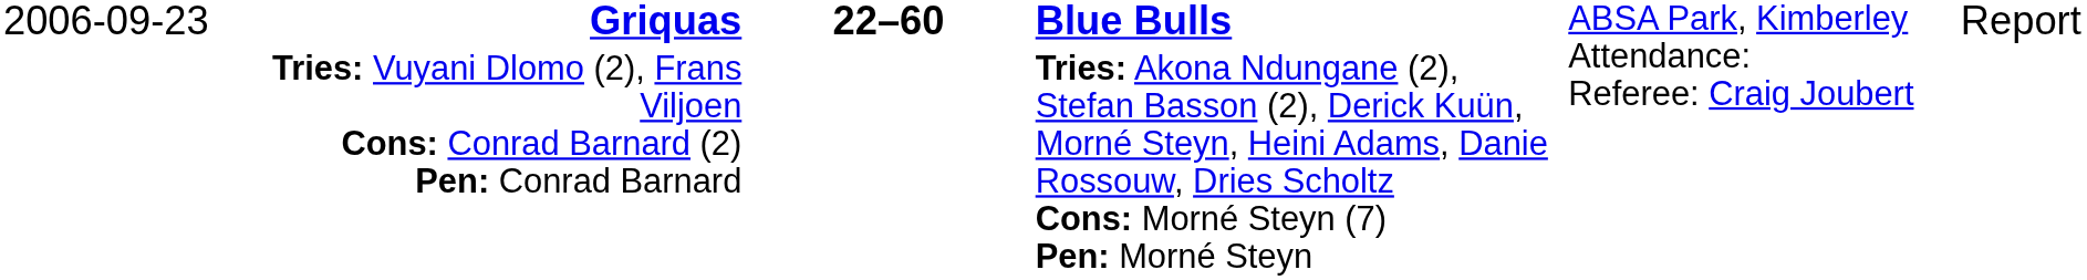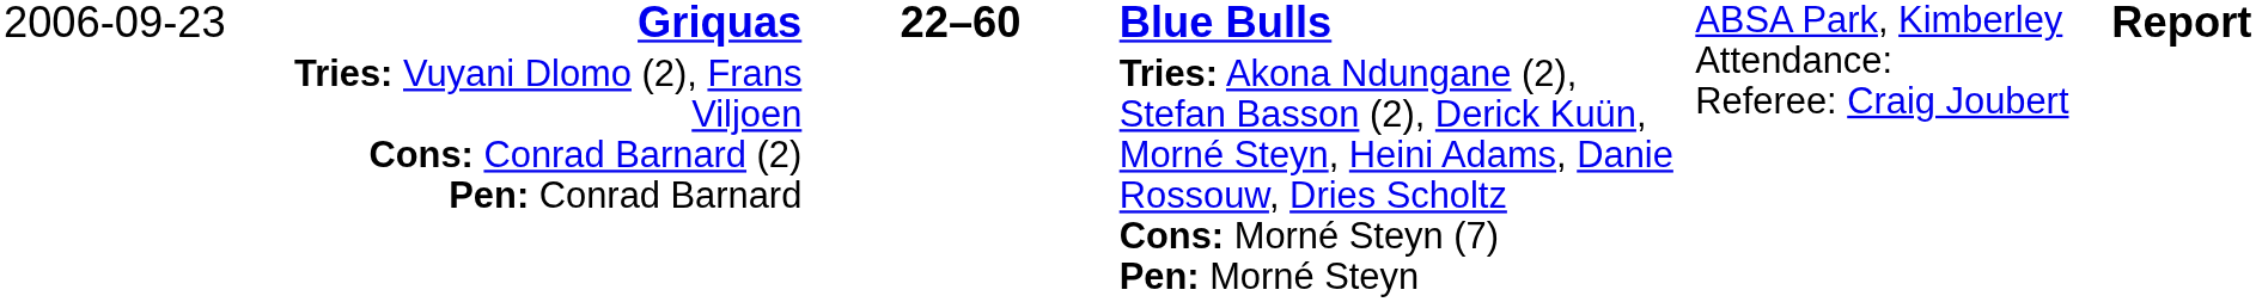 <table style="width: 100%; background: ;" cellspacing="0">
 <tr>
 <td align=right valign=top rowspan=3 width=15%>2006-09-23</td>
 </tr>
 <tr>
 <td width=24% align=right><strong><a href='#'>Griquas</a></strong></td>
 <td align=center width=13%><strong>22–60</strong></td>
 <td width=24%><strong><a href='#'>Blue Bulls</a></strong></td>
 <td style=font-size:85% rowspan=3 valign=top><a href='#'>ABSA Park</a>, <a href='#'>Kimberley</a><br>Attendance: <br>Referee: <a href='#'>Craig Joubert</a></td>
-<td>Report</td>
+<td><strong>Report</strong></td>
 </tr>
 <tr style=font-size:85%>
 <td align=right valign=top><strong>Tries:</strong> <a href='#'>Vuyani Dlomo</a> (2), <a href='#'>Frans Viljoen</a> <br><strong>Cons:</strong> <a href='#'>Conrad Barnard</a> (2) <br><strong>Pen:</strong> Conrad Barnard</td>
 <td></td>
 <td valign=top><strong>Tries:</strong> <a href='#'>Akona Ndungane</a> (2), <a href='#'>Stefan Basson</a> (2), <a href='#'>Derick Kuün</a>, <a href='#'>Morné Steyn</a>, <a href='#'>Heini Adams</a>, <a href='#'>Danie Rossouw</a>, <a href='#'>Dries Scholtz</a><br><strong>Cons:</strong> Morné Steyn (7) <br><strong>Pen:</strong> Morné Steyn</td>
 </tr>
 </table>
